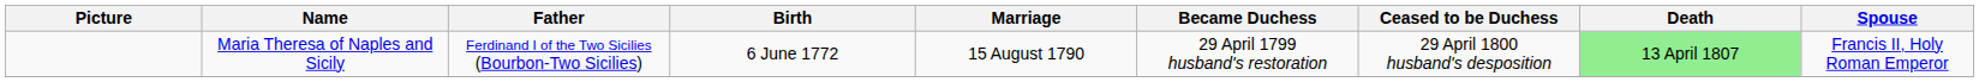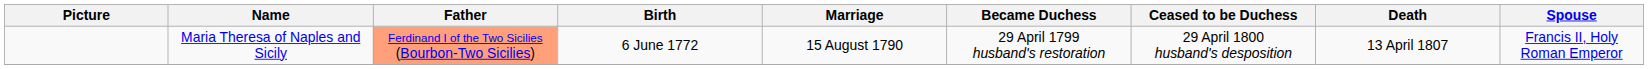 <table width=95% class="wikitable">
 <tr>
 <th width = "8%">Picture</th>
 <th width = "10%">Name</th>
 <th width = "9%">Father</th>
 <th width = "10%">Birth</th>
 <th width = "9%">Marriage</th>
 <th width = "9%">Became Duchess</th>
 <th width = "9%">Ceased to be Duchess</th>
 <th width = "9%">Death</th>
 <th width = "7%"><a href='#'>Spouse</a></th>
 </tr>
 <tr>
 <td align=center></td>
 <td align=center><a href='#'>Maria Theresa of Naples and Sicily</a></td>
-<td align="center"><small><a href='#'>Ferdinand I of the Two Sicilies</a></small><br>(<a href='#'>Bourbon-Two Sicilies</a>)</td>
+<td align="center" style="background: lightsalmon;"><small><a href='#'>Ferdinand I of the Two Sicilies</a></small><br>(<a href='#'>Bourbon-Two Sicilies</a>)</td>
 <td align="center">6 June 1772</td>
 <td align="center">15 August 1790</td>
 <td align="center">29 April 1799<br><em>husband's restoration</em></td>
 <td align="center">29 April 1800<br><em>husband's desposition</em></td>
-<td align="center" style="background: lightgreen;">13 April 1807</td>
+<td align="center">13 April 1807</td>
 <td align="center"><a href='#'>Francis II, Holy Roman Emperor</a></td>
 </tr>
 <tr>
 </tr>
 </table>
